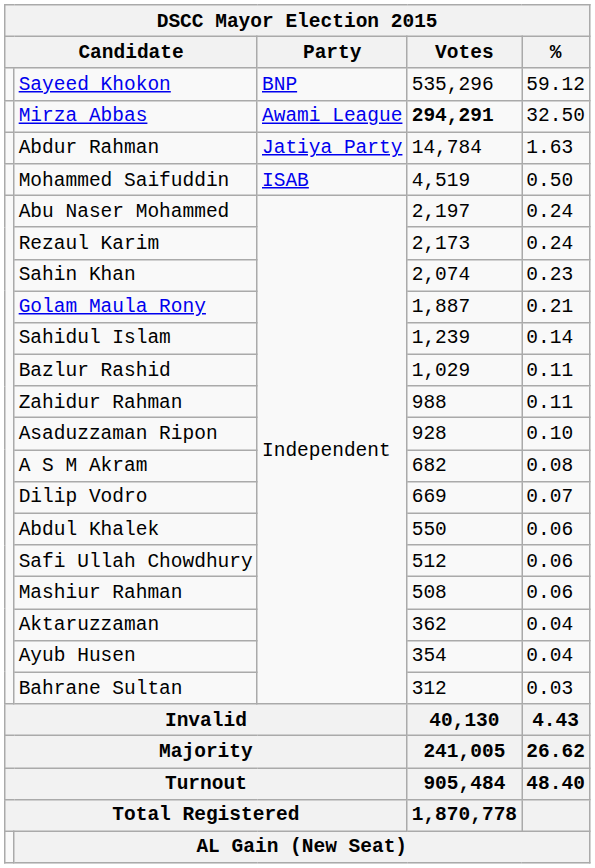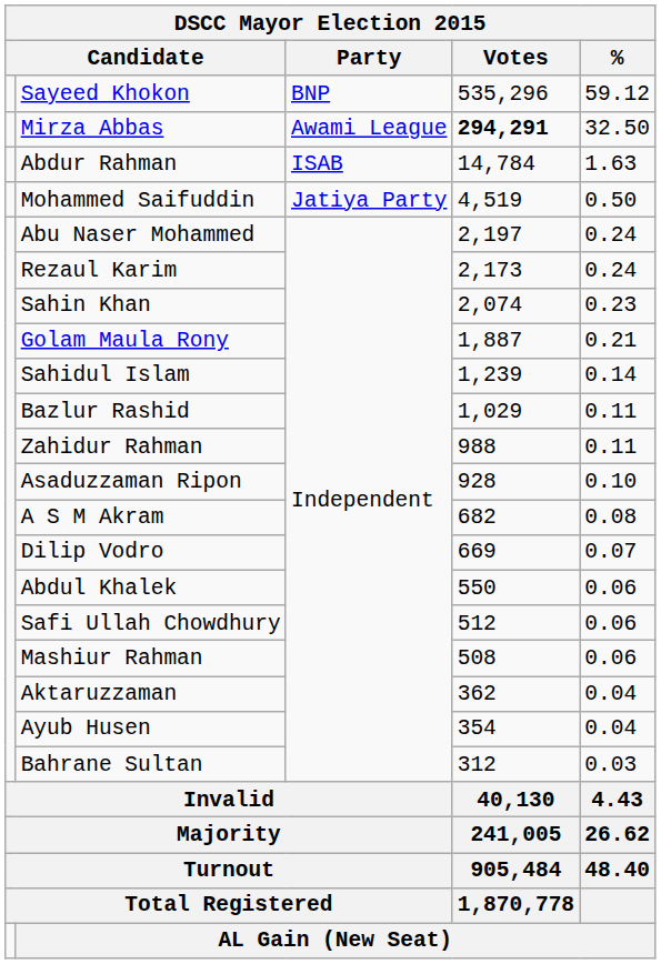 <table class="wikitable" style=text-align:left>
 <tr>
 <th style=text-align:center colspan="5">DSCC Mayor Election 2015</th>
 </tr>
 <tr>
 <th colspan="2">Candidate</th>
 <th>Party</th>
 <th>Votes</th>
 <th>%</th>
 </tr>
 <tr>
 <td bgcolor=></td>
 <td><a href='#'>Sayeed Khokon</a></td>
 <td><a href='#'>BNP</a></td>
 <td>535,296</td>
 <td>59.12</td>
 </tr>
 <tr>
 <td bgcolor=></td>
 <td><a href='#'>Mirza Abbas</a></td>
 <td><a href='#'>Awami League</a></td>
 <td><strong>294,291</strong></td>
 <td>32.50</td>
 </tr>
 <tr>
 <td bgcolor=></td>
 <td>Abdur Rahman</td>
-<td><a href='#'>Jatiya Party</a></td>
+<td><a href='#'>ISAB</a></td>
 <td>14,784</td>
 <td>1.63</td>
 </tr>
 <tr>
 <td bgcolor=></td>
 <td>Mohammed Saifuddin</td>
-<td><a href='#'>ISAB</a></td>
+<td><a href='#'>Jatiya Party</a></td>
 <td>4,519</td>
 <td>0.50</td>
 </tr>
 <tr>
 <td rowspan="16"></td>
 <td>Abu Naser Mohammed</td>
 <td rowspan="16">Independent</td>
 <td>2,197</td>
 <td>0.24</td>
 </tr>
 <tr>
 <td>Rezaul Karim</td>
 <td>2,173</td>
 <td>0.24</td>
 </tr>
 <tr>
 <td>Sahin Khan</td>
 <td>2,074</td>
 <td>0.23</td>
 </tr>
 <tr>
 <td><a href='#'>Golam Maula Rony</a></td>
 <td>1,887</td>
 <td>0.21</td>
 </tr>
 <tr>
 <td>Sahidul Islam</td>
 <td>1,239</td>
 <td>0.14</td>
 </tr>
 <tr>
 <td>Bazlur Rashid</td>
 <td>1,029</td>
 <td>0.11</td>
 </tr>
 <tr>
 <td>Zahidur Rahman</td>
 <td>988</td>
 <td>0.11</td>
 </tr>
 <tr>
 <td>Asaduzzaman Ripon</td>
 <td>928</td>
 <td>0.10</td>
 </tr>
 <tr>
 <td>A S M Akram</td>
 <td>682</td>
 <td>0.08</td>
 </tr>
 <tr>
 <td>Dilip Vodro</td>
 <td>669</td>
 <td>0.07</td>
 </tr>
 <tr>
 <td>Abdul Khalek</td>
 <td>550</td>
 <td>0.06</td>
 </tr>
 <tr>
 <td>Safi Ullah Chowdhury</td>
 <td>512</td>
 <td>0.06</td>
 </tr>
 <tr>
 <td>Mashiur Rahman</td>
 <td>508</td>
 <td>0.06</td>
 </tr>
 <tr>
 <td>Aktaruzzaman</td>
 <td>362</td>
 <td>0.04</td>
 </tr>
 <tr>
 <td>Ayub Husen</td>
 <td>354</td>
 <td>0.04</td>
 </tr>
 <tr>
 <td>Bahrane Sultan</td>
 <td>312</td>
 <td>0.03</td>
 </tr>
 <tr>
 <th align=right colspan=3>Invalid</th>
 <th>40,130</th>
 <th>4.43</th>
 </tr>
 <tr>
 <th align=right colspan=3>Majority</th>
 <th>241,005</th>
 <th>26.62</th>
 </tr>
 <tr>
 <th align=right colspan=3>Turnout</th>
 <th>905,484</th>
 <th>48.40</th>
 </tr>
 <tr>
 <th align=right colspan=3>Total Registered</th>
 <th>1,870,778</th>
 <th></th>
 </tr>
 <tr>
 <td style="background-color:"></td>
 <th align=left colspan=4>AL Gain (New Seat)</th>
 </tr>
 </table>
